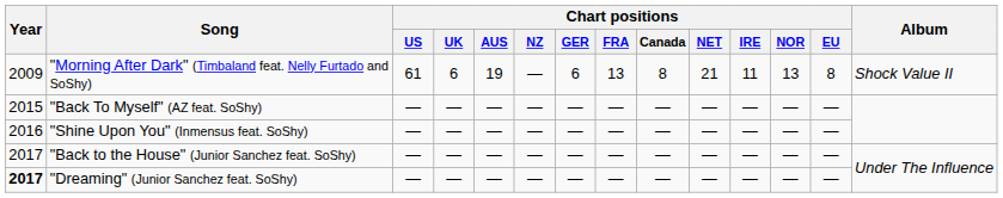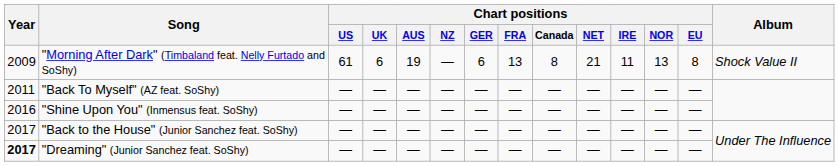 <table class="wikitable">
 <tr>
 <th rowspan="2">Year</th>
 <th width="355" rowspan="2">Song</th>
 <th colspan="11">Chart positions</th>
 <th rowspan="2">Album</th>
 </tr>
 <tr>
 <th width="35"><small><a href='#'>US</a></small></th>
 <th width="35"><small><a href='#'>UK</a></small></th>
 <th width="35"><small><a href='#'>AUS</a></small></th>
 <th width="35"><small><a href='#'>NZ</a></small></th>
 <th width="35"><small><a href='#'>GER</a></small></th>
 <th width="35"><small><a href='#'>FRA</a></small></th>
 <th width="35"><small>Canada</small></th>
 <th width="35"><small><a href='#'>NET</a></small></th>
 <th width="35"><small><a href='#'>IRE</a></small></th>
 <th width="35"><small><a href='#'>NOR</a></small></th>
 <th width="35"><small><a href='#'>EU</a></small></th>
 </tr>
 <tr>
 <td>2009</td>
 <td>"<a href='#'>Morning After Dark</a>" <small>(<a href='#'>Timbaland</a> feat. <a href='#'>Nelly Furtado</a> and SoShy)</small></td>
 <td align="center">61</td>
 <td align="center">6</td>
 <td align="center">19</td>
 <td align="center">—</td>
 <td align="center">6</td>
 <td align="center">13</td>
 <td align="center">8</td>
 <td align="center">21</td>
 <td align="center">11</td>
 <td align="center">13</td>
 <td align="center">8</td>
 <td><em>Shock Value II</em></td>
 </tr>
 <tr>
-<td>2015</td>
+<td>2011</td>
 <td>"Back To Myself" <small>(AZ feat. SoShy)</small></td>
 <td align="center">—</td>
 <td align="center">—</td>
 <td align="center">—</td>
 <td align="center">—</td>
 <td align="center">—</td>
 <td align="center">—</td>
 <td align="center">—</td>
 <td align="center">—</td>
 <td align="center">—</td>
 <td align="center">—</td>
 <td align="center">—</td>
 <td rowspan=2></td>
 </tr>
 <tr>
 <td>2016</td>
 <td>"Shine Upon You" <small>(Inmensus feat. SoShy)</small></td>
 <td align="center">—</td>
 <td align="center">—</td>
 <td align="center">—</td>
 <td align="center">—</td>
 <td align="center">—</td>
 <td align="center">—</td>
 <td align="center">—</td>
 <td align="center">—</td>
 <td align="center">—</td>
 <td align="center">—</td>
 <td align="center">—</td>
 </tr>
 <tr>
 <td>2017</td>
 <td>"Back to the House" <small>(Junior Sanchez feat. SoShy)</small></td>
 <td align="center">—</td>
 <td align="center">—</td>
 <td align="center">—</td>
 <td align="center">—</td>
 <td align="center">—</td>
 <td align="center">—</td>
 <td align="center">—</td>
 <td align="center">—</td>
 <td align="center">—</td>
 <td align="center">—</td>
 <td align="center">—</td>
 <td rowspan=2><em>Under The Influence</em></td>
 </tr>
 <tr>
 <td><strong>2017</strong></td>
 <td>"Dreaming" <small>(Junior Sanchez feat. SoShy)</small></td>
 <td align="center">—</td>
 <td align="center">—</td>
 <td align="center">—</td>
 <td align="center">—</td>
 <td align="center">—</td>
 <td align="center">—</td>
 <td align="center">—</td>
 <td align="center">—</td>
 <td align="center">—</td>
 <td align="center">—</td>
 <td align="center">—</td>
 </tr>
 </table>
